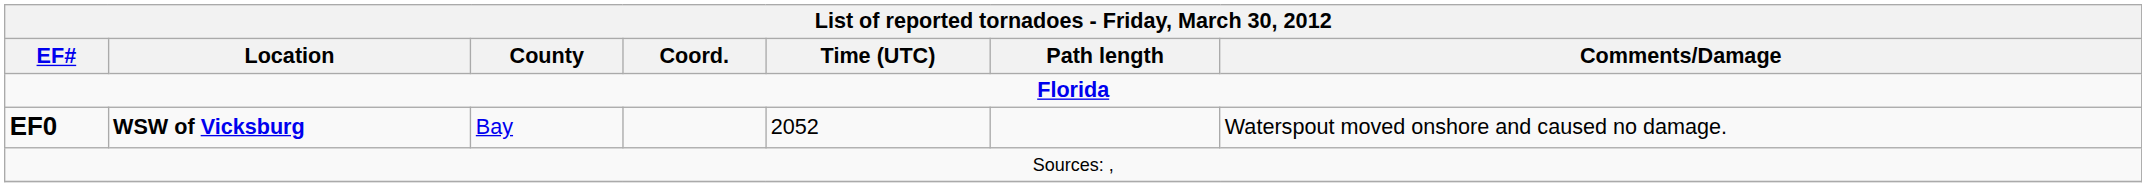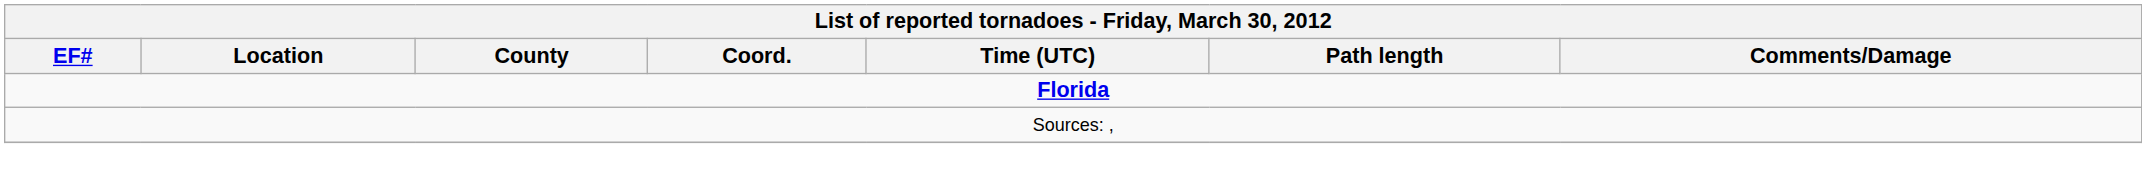 <table class="wikitable collapsible" width="100%">
 <tr>
 <th colspan="7">List of reported tornadoes - Friday, March 30, 2012</th>
 </tr>
 <tr>
 <th><a href='#'>EF#</a></th>
 <th>Location</th>
 <th>County</th>
 <th>Coord.</th>
 <th>Time (UTC)</th>
 <th>Path length</th>
 <th>Comments/Damage</th>
 </tr>
 <tr>
 <td colspan="7" align=center><strong><a href='#'>Florida</a></strong></td>
 </tr>
 <tr>
-<td><big><strong>EF0</strong></big></td>
-<td><strong>WSW of <a href='#'>Vicksburg</a></strong></td>
-<td><a href='#'>Bay</a></td>
-<td></td>
-<td>2052</td>
-<td></td>
-<td>Waterspout moved onshore and caused no damage.</td>
-</tr>
-<tr>
 <td colspan="7" align=center><small>Sources: , </small></td>
 </tr>
 <tr>
 </tr>
 </table>
